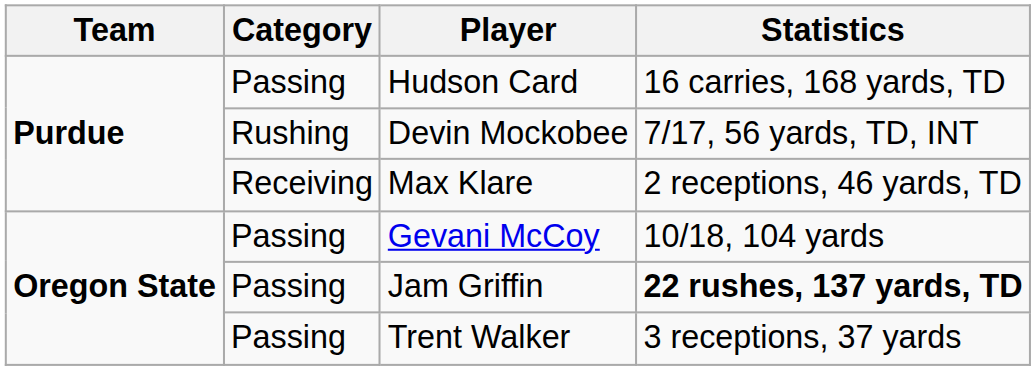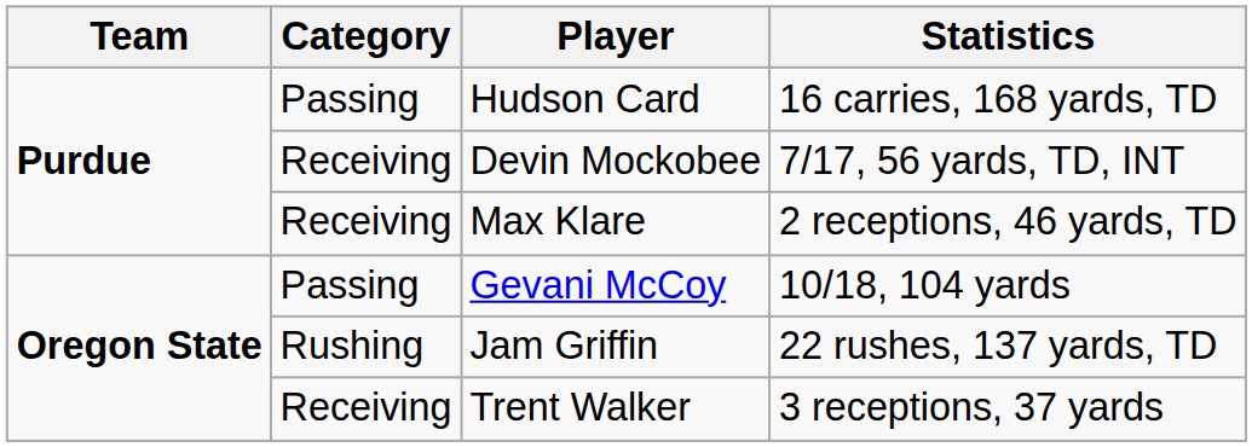 <table class="wikitable" style="float: right;">
 <tr>
 <th>Team</th>
 <th>Category</th>
 <th>Player</th>
 <th>Statistics</th>
 </tr>
 <tr>
 <td rowspan=3><strong>Purdue</strong></td>
 <td>Passing</td>
 <td>Hudson Card</td>
 <td>16 carries, 168 yards, TD</td>
 </tr>
 <tr>
-<td>Rushing</td>
+<td>Receiving</td>
 <td>Devin Mockobee</td>
 <td>7/17, 56 yards, TD, INT</td>
 </tr>
 <tr>
 <td>Receiving</td>
 <td>Max Klare</td>
 <td>2 receptions, 46 yards, TD</td>
 </tr>
 <tr>
 <td rowspan=3><strong>Oregon State</strong></td>
 <td>Passing</td>
 <td><a href='#'>Gevani McCoy</a></td>
 <td>10/18, 104 yards</td>
 </tr>
 <tr>
-<td>Passing</td>
+<td>Rushing</td>
 <td>Jam Griffin</td>
-<td><strong>22 rushes, 137 yards, TD</strong></td>
+<td>22 rushes, 137 yards, TD</td>
 </tr>
 <tr>
-<td>Passing</td>
+<td>Receiving</td>
 <td>Trent Walker</td>
 <td>3 receptions, 37 yards</td>
 </tr>
 </table>
